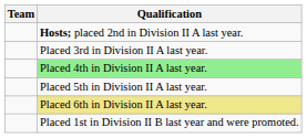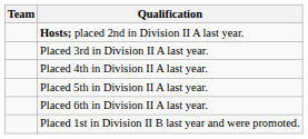 <table class="wikitable">
 <tr>
 <th>Team</th>
 <th>Qualification</th>
 </tr>
 <tr>
 <td></td>
 <td><strong>Hosts;</strong> placed 2nd in Division II A last year.</td>
 </tr>
 <tr>
 <td></td>
 <td>Placed 3rd in Division II A last year.</td>
 </tr>
 <tr>
 <td></td>
-<td style="background: lightgreen;">Placed 4th in Division II A last year.</td>
+<td>Placed 4th in Division II A last year.</td>
 </tr>
 <tr>
 <td></td>
 <td>Placed 5th in Division II A last year.</td>
 </tr>
 <tr>
 <td></td>
-<td style="background: khaki;">Placed 6th in Division II A last year.</td>
+<td>Placed 6th in Division II A last year.</td>
 </tr>
 <tr>
 <td></td>
 <td>Placed 1st in Division II B last year and were promoted.</td>
 </tr>
 </table>
